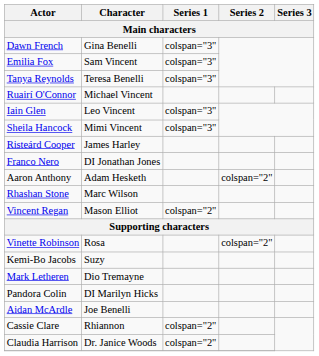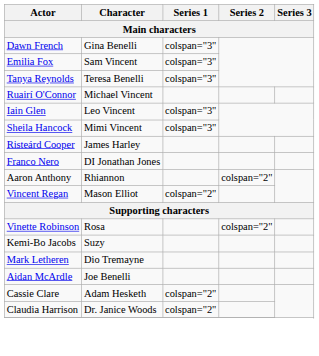 <table class="wikitable">
 <tr>
 <th>Actor</th>
 <th>Character</th>
 <th>Series 1</th>
 <th>Series 2</th>
 <th>Series 3</th>
 </tr>
 <tr>
 <th colspan="5">Main characters</th>
 </tr>
 <tr>
 <td><a href='#'>Dawn French</a></td>
 <td>Gina Benelli</td>
 <td>colspan="3" </td>
 </tr>
 <tr>
 <td><a href='#'>Emilia Fox</a></td>
 <td>Sam Vincent</td>
 <td>colspan="3" </td>
 </tr>
 <tr>
 <td><a href='#'>Tanya Reynolds</a></td>
 <td>Teresa Benelli</td>
 <td>colspan="3" </td>
 </tr>
 <tr>
 <td><a href='#'>Ruairí O'Connor</a></td>
 <td>Michael Vincent</td>
 <td></td>
 <td></td>
 <td></td>
 </tr>
 <tr>
 <td><a href='#'>Iain Glen</a></td>
 <td>Leo Vincent</td>
 <td>colspan="3" </td>
 </tr>
 <tr>
 <td><a href='#'>Sheila Hancock</a></td>
 <td>Mimi Vincent</td>
 <td>colspan="3" </td>
 </tr>
 <tr>
 <td><a href='#'>Risteárd Cooper</a></td>
 <td>James Harley</td>
 <td></td>
 <td></td>
 <td></td>
 </tr>
 <tr>
 <td><a href='#'>Franco Nero</a></td>
 <td>DI Jonathan Jones</td>
 <td></td>
 <td></td>
 <td></td>
 </tr>
 <tr>
 <td>Aaron Anthony</td>
-<td>Adam Hesketh</td>
+<td>Rhiannon</td>
 <td></td>
 <td>colspan="2" </td>
-</tr>
-<tr>
-<td><a href='#'>Rhashan Stone</a></td>
-<td>Marc Wilson</td>
-<td></td>
-<td></td>
-<td></td>
 </tr>
 <tr>
 <td><a href='#'>Vincent Regan</a></td>
 <td>Mason Elliot</td>
 <td>colspan="2" </td>
 <td></td>
 </tr>
 <tr>
 <th colspan="5">Supporting characters</th>
 </tr>
 <tr>
 <td><a href='#'>Vinette Robinson</a></td>
 <td>Rosa</td>
 <td></td>
 <td>colspan="2" </td>
 </tr>
 <tr>
 <td>Kemi-Bo Jacobs</td>
 <td>Suzy</td>
 <td></td>
 <td></td>
 <td></td>
 </tr>
 <tr>
 <td><a href='#'>Mark Letheren</a></td>
 <td>Dio Tremayne</td>
 <td></td>
 <td></td>
 <td></td>
 </tr>
 <tr>
-<td>Pandora Colin</td>
-<td>DI Marilyn Hicks</td>
-<td></td>
-<td></td>
-<td></td>
-</tr>
-<tr>
 <td><a href='#'>Aidan McArdle</a></td>
 <td>Joe Benelli</td>
 <td></td>
 <td></td>
 <td></td>
 </tr>
 <tr>
 <td>Cassie Clare</td>
-<td>Rhiannon</td>
+<td>Adam Hesketh</td>
 <td>colspan="2" </td>
 <td></td>
 </tr>
 <tr>
 <td>Claudia Harrison</td>
 <td>Dr. Janice Woods</td>
 <td>colspan="2" </td>
 <td></td>
 </tr>
 <tr>
 </tr>
 </table>
